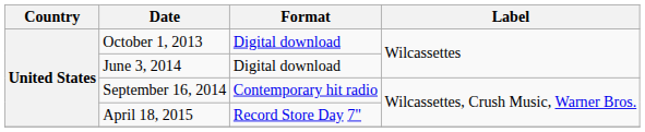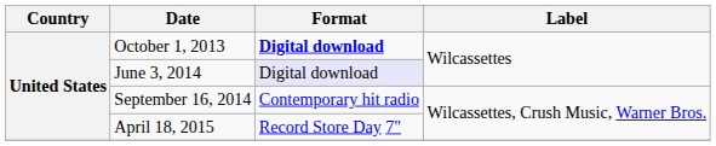 <table class="wikitable plainrowheaders">
 <tr>
 <th scope="col">Country</th>
 <th scope="col">Date</th>
 <th scope="col">Format</th>
 <th scope="col">Label</th>
 </tr>
 <tr>
 <th scope="row" rowspan="4">United States</th>
 <td>October 1, 2013</td>
-<td><a href='#'>Digital download</a></td>
+<td><strong><a href='#'>Digital download</a></strong></td>
 <td rowspan="2">Wilcassettes</td>
 </tr>
 <tr>
 <td>June 3, 2014</td>
-<td>Digital download </td>
+<td style="background: lavender;">Digital download </td>
 </tr>
 <tr>
 <td>September 16, 2014</td>
 <td><a href='#'>Contemporary hit radio</a></td>
 <td rowspan="2">Wilcassettes, Crush Music, <a href='#'>Warner Bros.</a></td>
 </tr>
 <tr>
 <td>April 18, 2015</td>
 <td><a href='#'>Record Store Day</a> <a href='#'>7"</a></td>
 </tr>
 <tr>
 </tr>
 </table>
